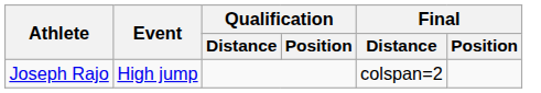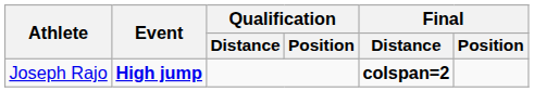 <table class=wikitable style=font-size:90%>
 <tr>
 <th rowspan=2>Athlete</th>
 <th rowspan=2>Event</th>
 <th colspan=2>Qualification</th>
 <th colspan=2>Final</th>
 </tr>
 <tr style=font-size:95%>
 <th>Distance</th>
 <th>Position</th>
 <th>Distance</th>
 <th>Position</th>
 </tr>
 <tr align=center>
 <td align=left><a href='#'>Joseph Rajo</a></td>
-<td align=left><a href='#'>High jump</a></td>
+<td align=left><strong><a href='#'>High jump</a></strong></td>
 <td colspan=2></td>
-<td>colspan=2 </td>
+<td><strong>colspan=2 </strong></td>
 </tr>
 </table>
